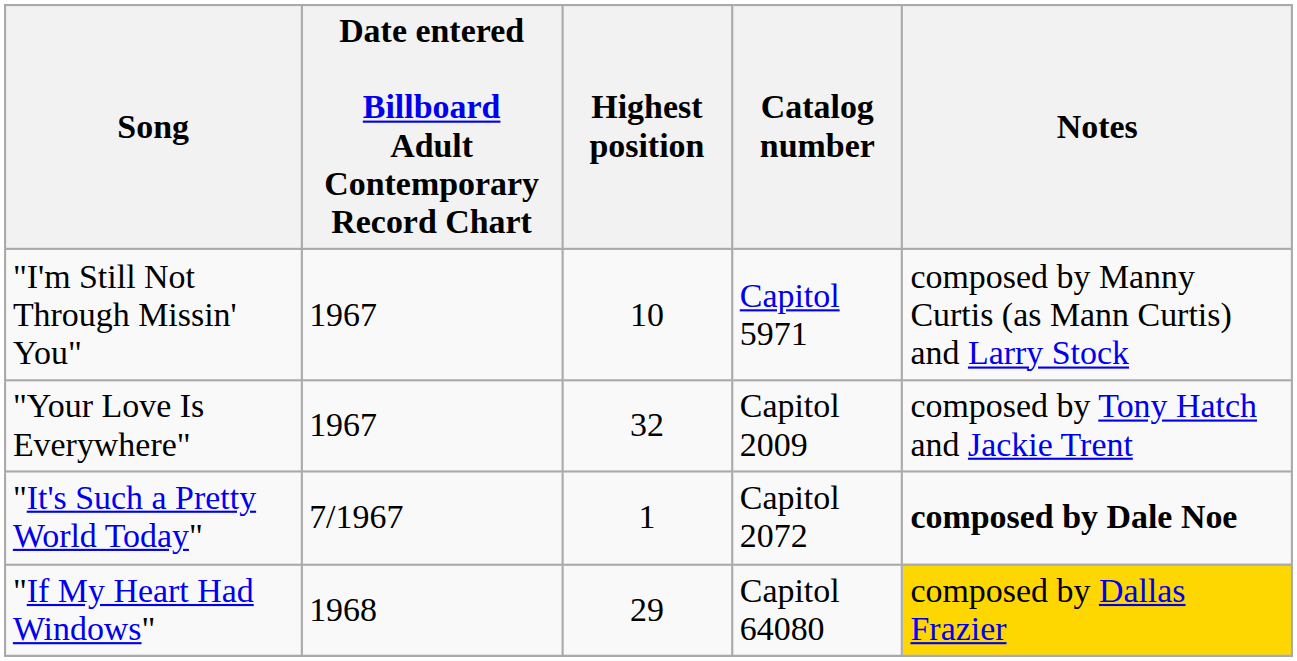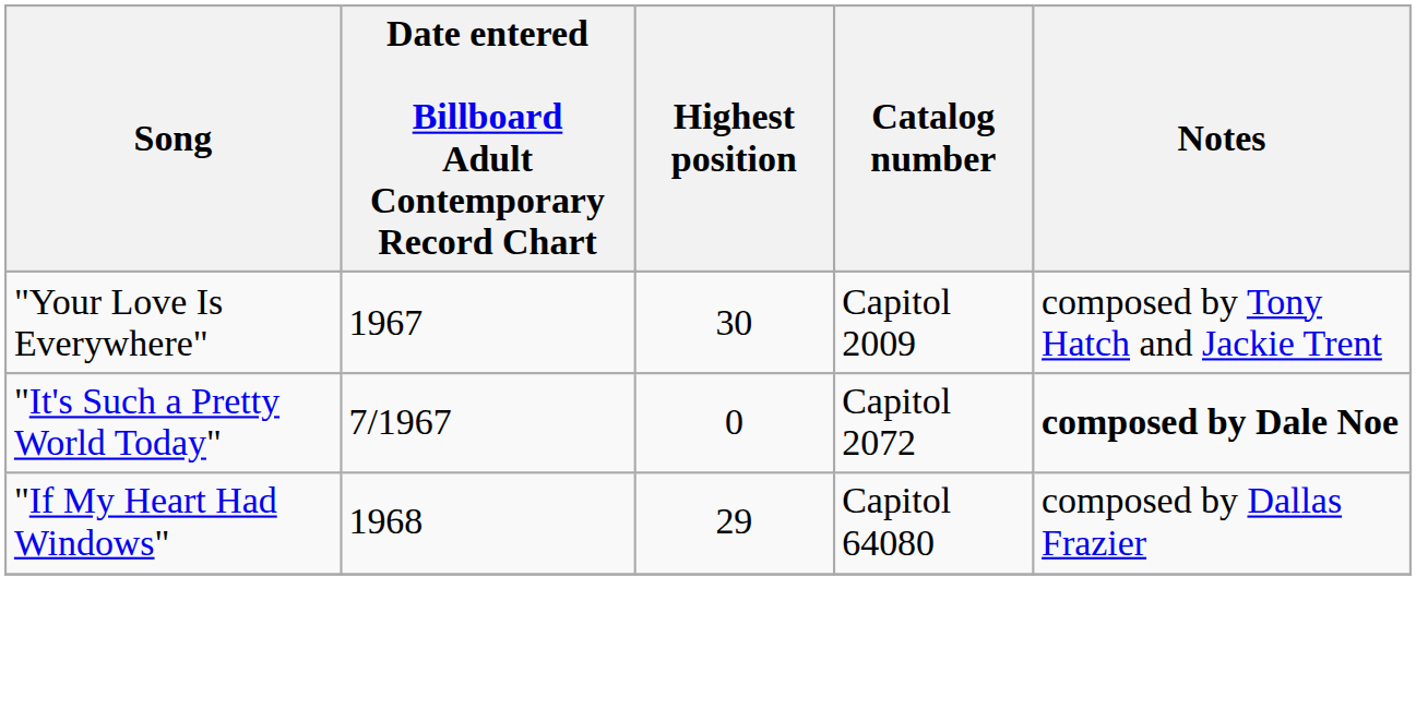 <table class="wikitable">
 <tr>
 <th>Song</th>
 <th>Date entered<br><br><a href='#'>Billboard</a> <br>Adult Contemporary <br>Record Chart</th>
 <th>Highest position</th>
 <th>Catalog number</th>
 <th>Notes</th>
 </tr>
 <tr>
-<td>"I'm Still Not Through Missin' You"</td>
-<td>1967</td>
-<td style="text-align:center;">10</td>
-<td><a href='#'>Capitol</a> 5971</td>
-<td>composed by Manny Curtis (as Mann Curtis) and <a href='#'>Larry Stock</a></td>
-</tr>
-<tr>
 <td>"Your Love Is Everywhere"</td>
 <td>1967</td>
-<td style="text-align:center;">32</td>
+<td style="text-align:center;">30</td>
 <td>Capitol 2009</td>
 <td>composed by <a href='#'>Tony Hatch</a> and <a href='#'>Jackie Trent</a></td>
 </tr>
 <tr>
 <td>"<a href='#'>It's Such a Pretty World Today</a>"</td>
 <td>7/1967</td>
-<td style="text-align:center;">1</td>
+<td style="text-align:center;">0</td>
 <td>Capitol 2072</td>
 <td><strong>composed by Dale Noe</strong></td>
 </tr>
 <tr>
 <td>"<a href='#'>If My Heart Had Windows</a>"</td>
 <td>1968</td>
 <td style="text-align:center;">29</td>
 <td>Capitol 64080</td>
-<td style="background: gold;">composed by <a href='#'>Dallas Frazier</a></td>
+<td>composed by <a href='#'>Dallas Frazier</a></td>
 </tr>
 <tr>
 </tr>
 </table>
